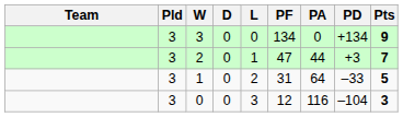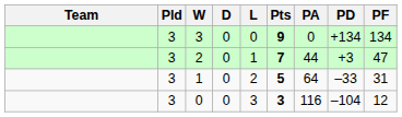 <table class="wikitable" style="text-align:center;">
 <tr>
 <th width=175>Team</th>
 <th width=25 abbr="Played">Pld</th>
 <th width=25 abbr="Won">W</th>
 <th width=25 abbr="Drawn">D</th>
 <th width=25 abbr="Lost">L</th>
-<th width=32 abbr="Points for">PF</th>
+<th width=25 abbr="Points">Pts</th>
 <th width=32 abbr="Points against">PA</th>
 <th width=32 abbr="Points difference">PD</th>
-<th width=25 abbr="Points">Pts</th>
+<th width=32 abbr="Points for">PF</th>
 </tr>
 <tr bgcolor=ccffcc>
 <td align=left></td>
 <td>3</td>
 <td>3</td>
 <td>0</td>
 <td>0</td>
-<td>134</td>
+<td><strong>9</strong></td>
 <td>0</td>
 <td>+134</td>
-<td><strong>9</strong></td>
+<td>134</td>
 </tr>
 <tr bgcolor=ccffcc>
 <td align=left></td>
 <td>3</td>
 <td>2</td>
 <td>0</td>
 <td>1</td>
-<td>47</td>
+<td><strong>7</strong></td>
 <td>44</td>
 <td>+3</td>
-<td><strong>7</strong></td>
+<td>47</td>
 </tr>
 <tr>
 <td align=left></td>
 <td>3</td>
 <td>1</td>
 <td>0</td>
 <td>2</td>
-<td>31</td>
+<td><strong>5</strong></td>
 <td>64</td>
 <td>–33</td>
-<td><strong>5</strong></td>
+<td>31</td>
 </tr>
 <tr>
 <td align=left></td>
 <td>3</td>
 <td>0</td>
 <td>0</td>
 <td>3</td>
-<td>12</td>
+<td><strong>3</strong></td>
 <td>116</td>
 <td>–104</td>
-<td><strong>3</strong></td>
+<td>12</td>
 </tr>
 </table>
